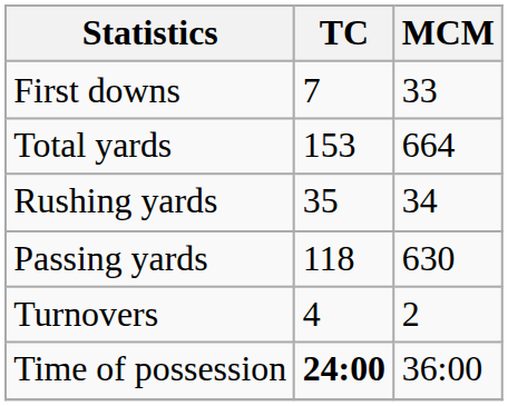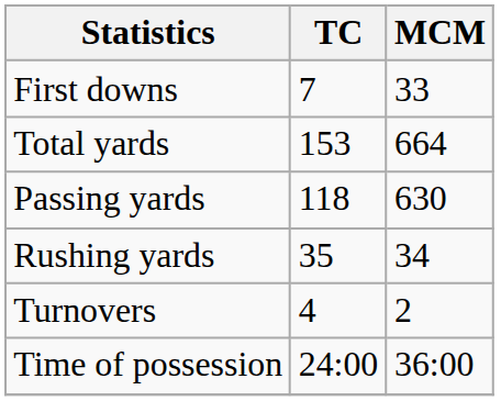 <table class="wikitable">
 <tr>
 <th>Statistics</th>
 <th>TC</th>
 <th>MCM</th>
 </tr>
 <tr>
 <td>First downs</td>
 <td>7</td>
 <td>33</td>
 </tr>
 <tr>
 <td>Total yards</td>
 <td>153</td>
 <td>664</td>
 </tr>
 <tr>
+<td>Passing yards</td>
+<td>118</td>
+<td>630</td>
+</tr>
+<tr>
 <td>Rushing yards</td>
 <td>35</td>
 <td>34</td>
-</tr>
-<tr>
-<td>Passing yards</td>
-<td>118</td>
-<td>630</td>
 </tr>
 <tr>
 <td>Turnovers</td>
 <td>4</td>
 <td>2</td>
 </tr>
 <tr>
 <td>Time of possession</td>
-<td><strong>24:00</strong></td>
+<td>24:00</td>
 <td>36:00</td>
 </tr>
 <tr>
 </tr>
 </table>
